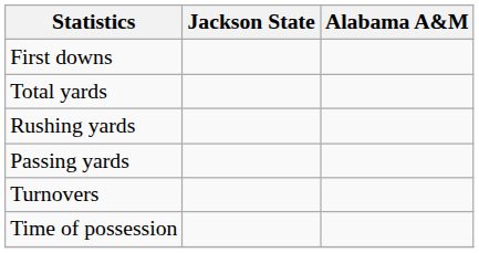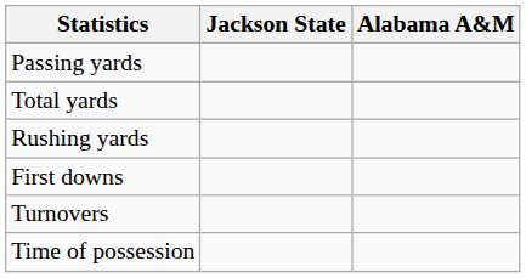 <table class="wikitable">
 <tr>
 <th>Statistics</th>
 <th>Jackson State</th>
 <th>Alabama A&M</th>
 </tr>
 <tr>
-<td>First downs</td>
+<td>Passing yards</td>
 <td> </td>
 <td> </td>
 </tr>
 <tr>
 <td>Total yards</td>
 <td> </td>
 <td> </td>
 </tr>
 <tr>
 <td>Rushing yards</td>
 <td> </td>
 <td> </td>
 </tr>
 <tr>
-<td>Passing yards</td>
+<td>First downs</td>
 <td> </td>
 <td> </td>
 </tr>
 <tr>
 <td>Turnovers</td>
 <td> </td>
 <td> </td>
 </tr>
 <tr>
 <td>Time of possession</td>
 <td> </td>
 <td> </td>
 </tr>
 <tr>
 </tr>
 </table>
